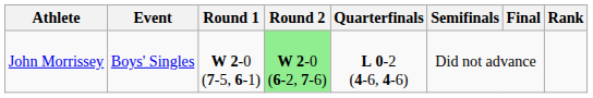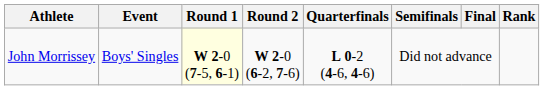 <table class=wikitable style="font-size:90%">
 <tr>
 <th>Athlete</th>
 <th>Event</th>
 <th>Round 1</th>
 <th>Round 2</th>
 <th>Quarterfinals</th>
 <th>Semifinals</th>
 <th>Final</th>
 <th>Rank</th>
 </tr>
 <tr>
 <td><a href='#'>John Morrissey</a></td>
 <td><a href='#'>Boys' Singles</a></td>
-<td align=center><br><strong>W</strong> <strong>2</strong>-0<br> (<strong>7</strong>-5, <strong>6</strong>-1)</td>
-<td align=center style="background: lightgreen;"><br><strong>W</strong> <strong>2</strong>-0<br> (<strong>6</strong>-2, <strong>7</strong>-6)</td>
+<td align=center style="background: lightyellow;"><br><strong>W</strong> <strong>2</strong>-0<br> (<strong>7</strong>-5, <strong>6</strong>-1)</td>
+<td align=center><br><strong>W</strong> <strong>2</strong>-0<br> (<strong>6</strong>-2, <strong>7</strong>-6)</td>
 <td align=center><br><strong>L</strong> <strong>0</strong>-2<br> (<strong>4</strong>-6, <strong>4</strong>-6)</td>
 <td colspan=2 align=center>Did not advance</td>
 <td align=center></td>
 </tr>
 </table>
